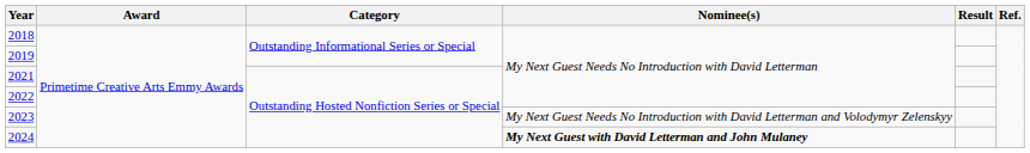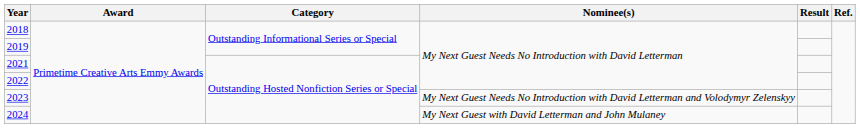 <table class="wikitable unsortable">
 <tr>
 <th scope="col">Year</th>
 <th scope="col">Award</th>
 <th scope="col">Category</th>
 <th scope="col">Nominee(s)</th>
 <th scope="col">Result</th>
 <th scope="col">Ref.</th>
 </tr>
 <tr>
 <td><a href='#'>2018</a></td>
 <td rowspan="6"><a href='#'>Primetime Creative Arts Emmy Awards</a></td>
 <td rowspan="2"><a href='#'>Outstanding Informational Series or Special</a></td>
 <td rowspan="4"><em>My Next Guest Needs No Introduction with David Letterman</em></td>
 <td></td>
 <td align="center"; rowspan="6"> <br>  <br> </td>
 </tr>
 <tr>
 <td><a href='#'>2019</a></td>
 <td></td>
 </tr>
 <tr>
 <td><a href='#'>2021</a></td>
 <td rowspan="4"><a href='#'>Outstanding Hosted Nonfiction Series or Special</a></td>
 <td></td>
 </tr>
 <tr>
 <td><a href='#'>2022</a></td>
 <td></td>
 </tr>
 <tr>
 <td><a href='#'>2023</a></td>
 <td><em>My Next Guest Needs No Introduction with David Letterman and Volodymyr Zelenskyy</em></td>
 <td></td>
 </tr>
 <tr>
 <td><a href='#'>2024</a></td>
-<td><strong><em>My Next Guest with David Letterman and John Mulaney</em></strong></td>
+<td><em>My Next Guest with David Letterman and John Mulaney</em></td>
 <td></td>
 </tr>
 </table>
